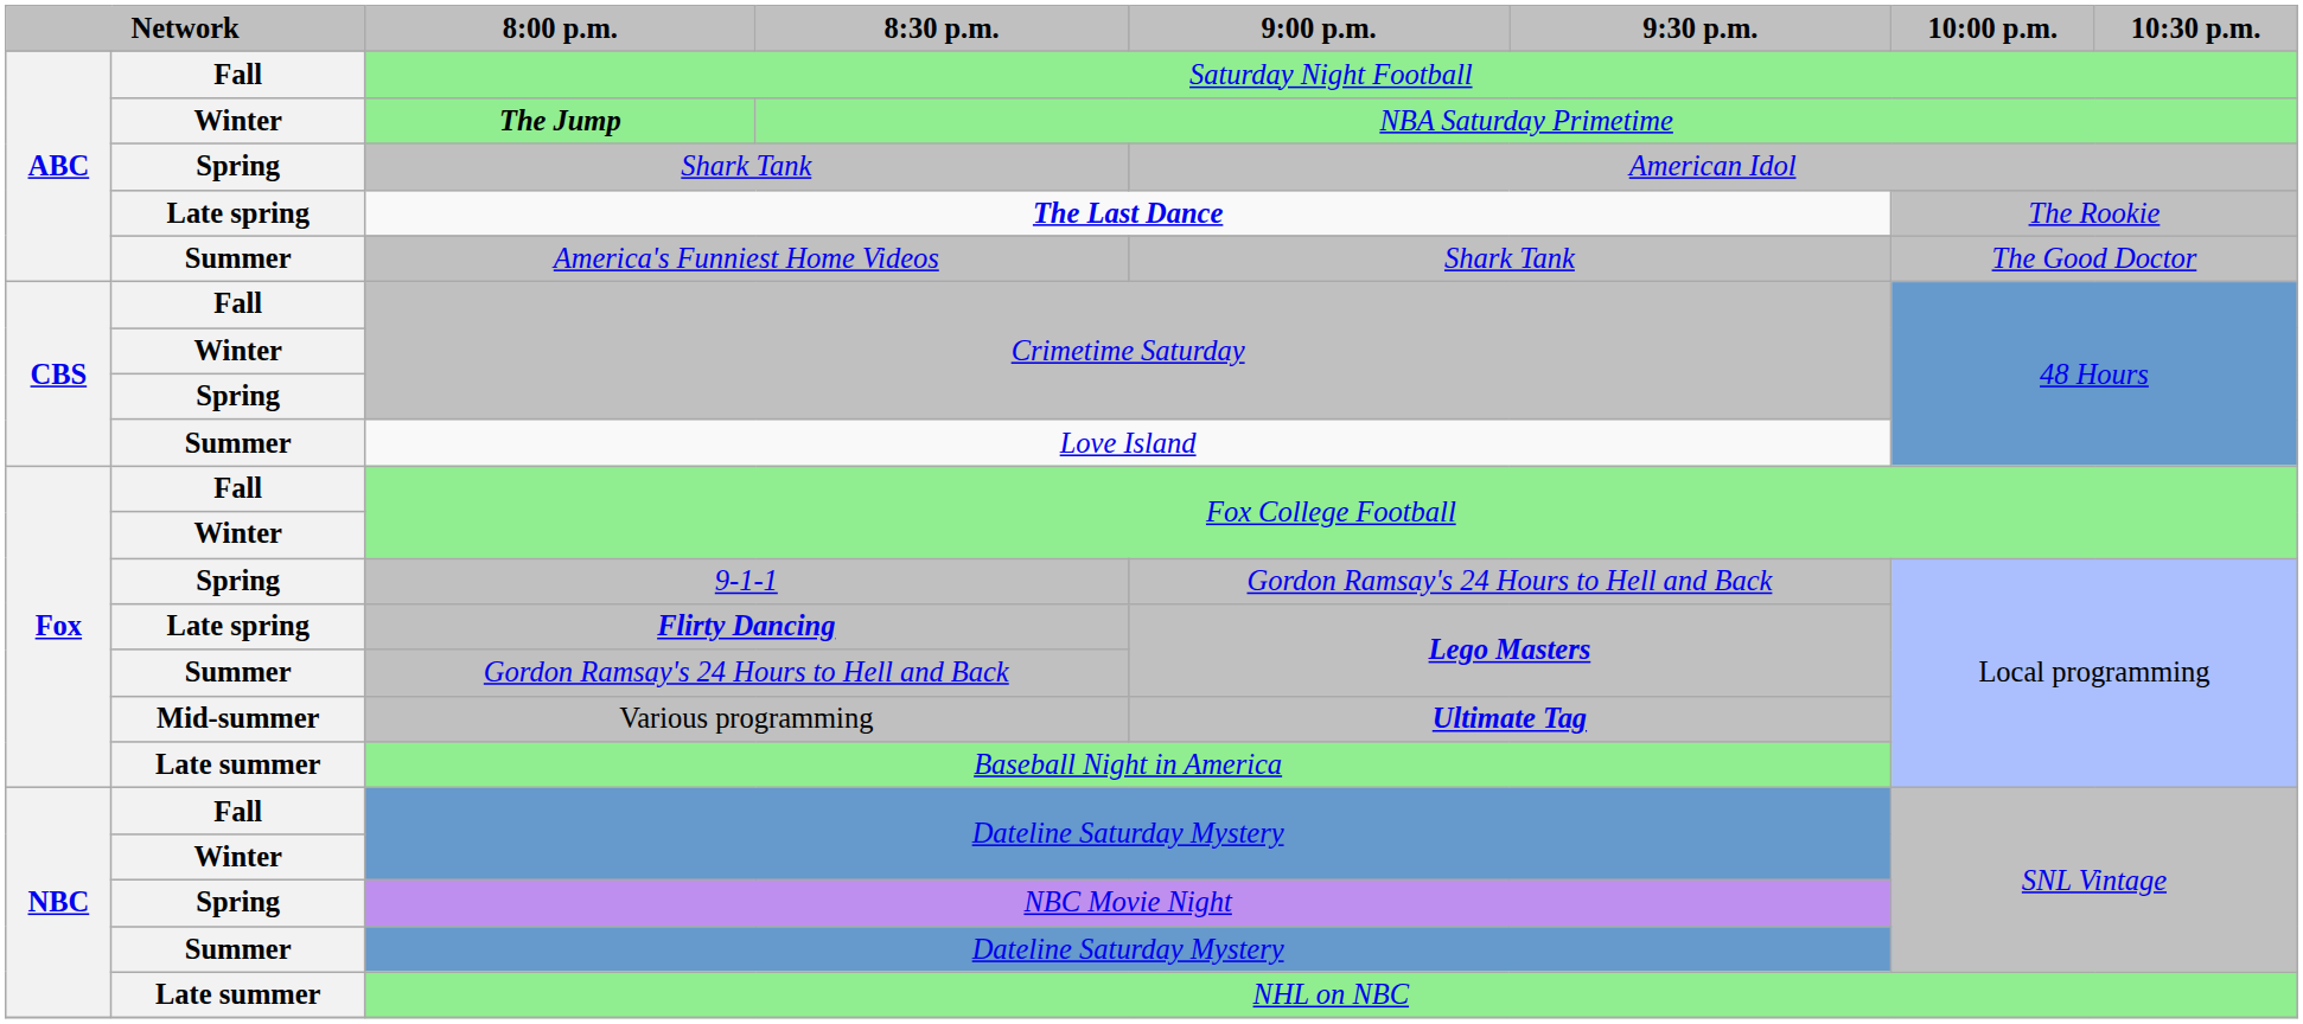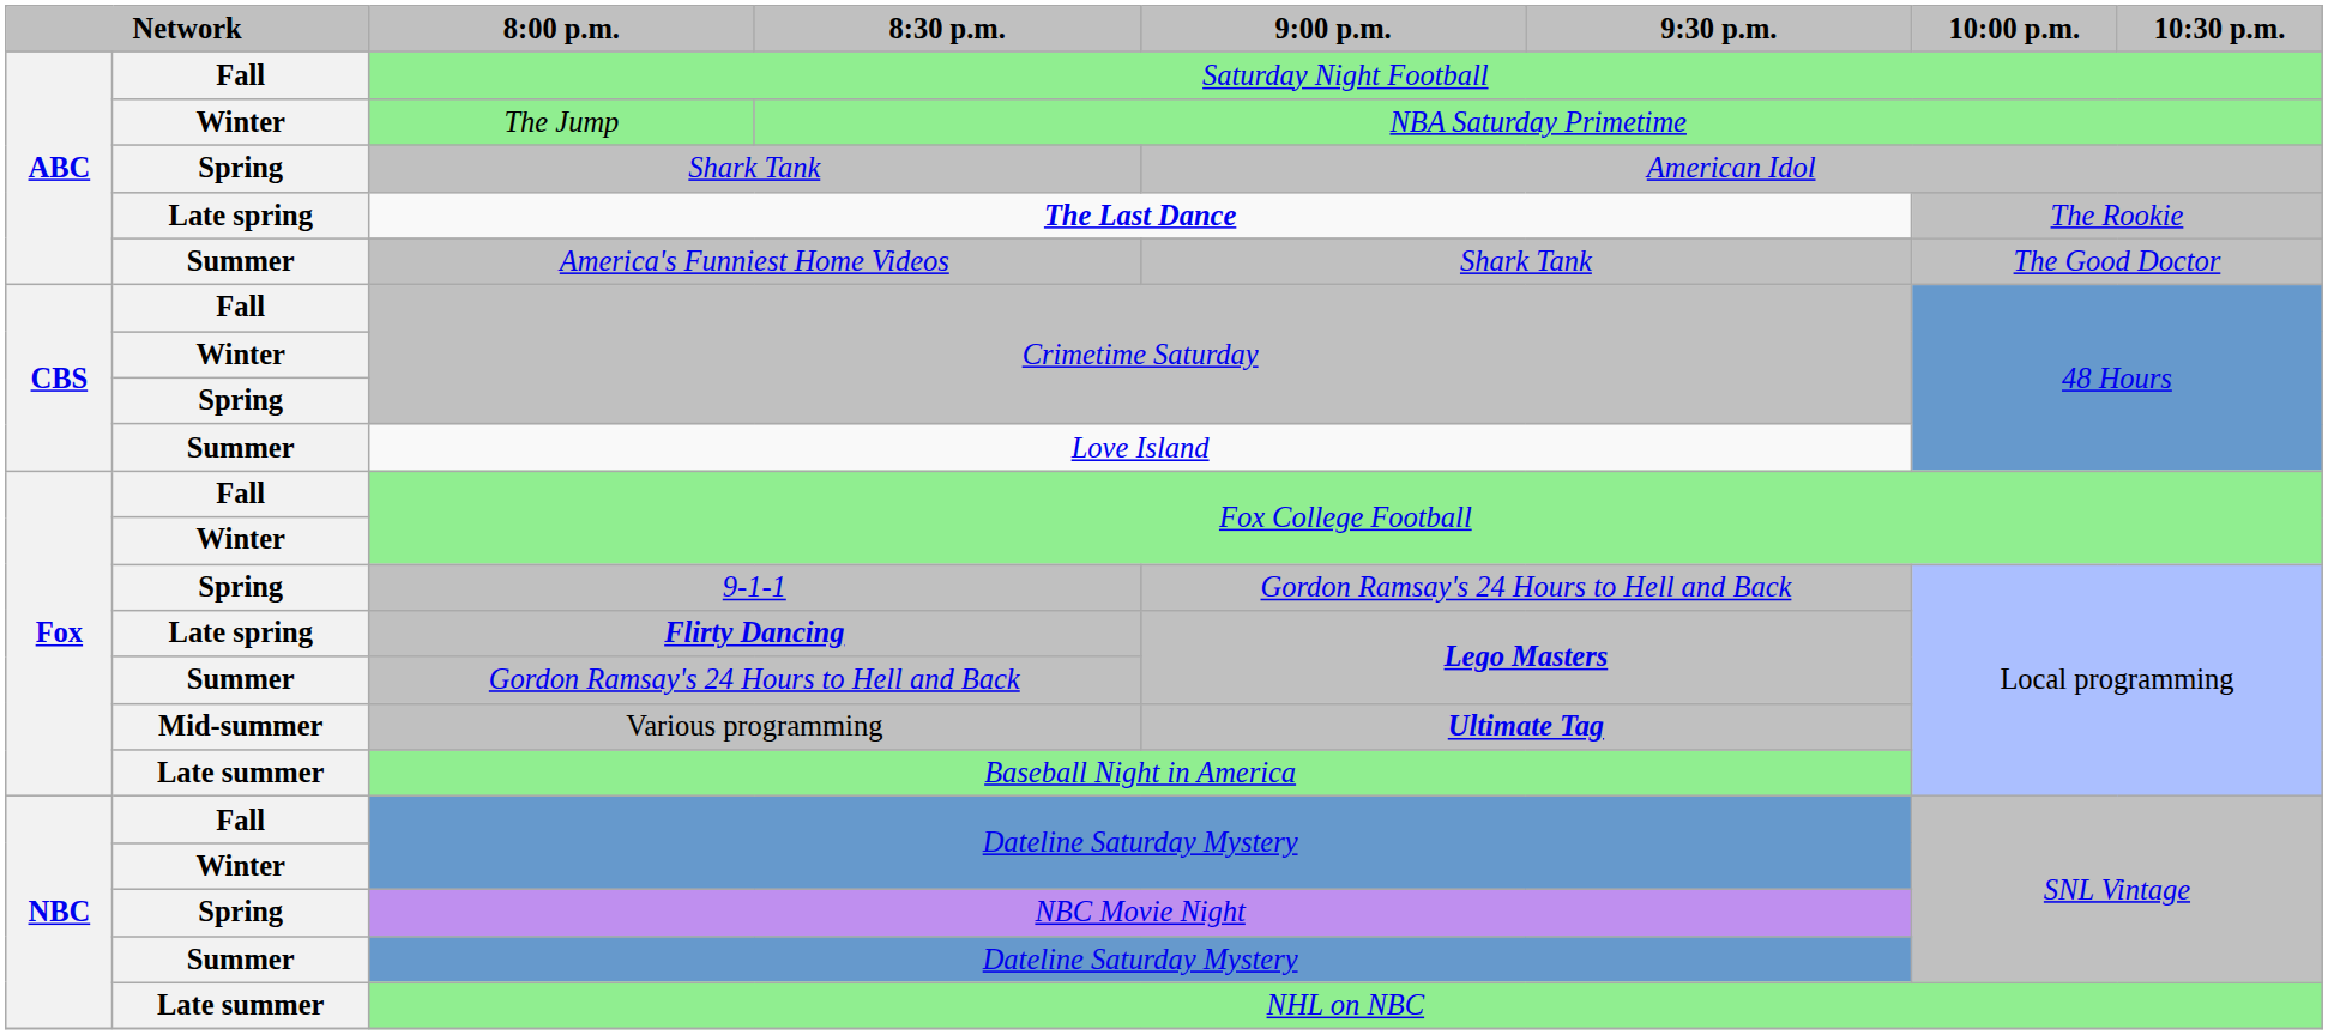 <table class="wikitable" style="width:100%;margin-right:0;text-align:center">
 <tr>
 <th colspan="2" style="background-color:#C0C0C0;text-align:center">Network</th>
 <th style="background-color:#C0C0C0;text-align:center">8:00 p.m.</th>
 <th style="background-color:#C0C0C0;text-align:center">8:30 p.m.</th>
 <th style="background-color:#C0C0C0;text-align:center">9:00 p.m.</th>
 <th style="background-color:#C0C0C0;text-align:center">9:30 p.m.</th>
 <th style="background-color:#C0C0C0;text-align:center">10:00 p.m.</th>
 <th style="background-color:#C0C0C0;text-align:center">10:30 p.m.</th>
 </tr>
 <tr>
 <th rowspan="5"><a href='#'>ABC</a></th>
 <th>Fall</th>
 <td colspan="6" style="background:lightgreen"><em><a href='#'>Saturday Night Football</a></em></td>
 </tr>
 <tr>
 <th>Winter</th>
-<td style="background:lightgreen"><strong><em>The Jump</em></strong></td>
+<td style="background:lightgreen"><em>The Jump</em></td>
 <td colspan="5" style="background:lightgreen"><em><a href='#'>NBA Saturday Primetime</a></em></td>
 </tr>
 <tr>
 <th>Spring</th>
 <td colspan="2" style="background:#C0C0C0;"><em><a href='#'>Shark Tank</a></em> </td>
 <td colspan="4" style="background:#C0C0C0;"><em><a href='#'>American Idol</a></em> </td>
 </tr>
 <tr>
 <th>Late spring</th>
 <td colspan="4"><strong><em><a href='#'>The Last Dance</a></em></strong></td>
 <td colspan="2" style="background:#C0C0C0;"><em><a href='#'>The Rookie</a></em> </td>
 </tr>
 <tr>
 <th>Summer</th>
 <td colspan="2" style="background:#C0C0C0;"><em><a href='#'>America's Funniest Home Videos</a></em> </td>
 <td colspan="2" style="background:#C0C0C0;"><em><a href='#'>Shark Tank</a></em> </td>
 <td colspan="2" style="background:#C0C0C0;"><em><a href='#'>The Good Doctor</a></em> </td>
 </tr>
 <tr>
 <th rowspan="4"><a href='#'>CBS</a></th>
 <th>Fall</th>
 <td rowspan="3" colspan="4" style="background:#C0C0C0;"><em><a href='#'>Crimetime Saturday</a></em></td>
 <td rowspan="4" colspan="2" style="background:#6699CC;"><em><a href='#'>48 Hours</a></em></td>
 </tr>
 <tr>
 <th>Winter</th>
 </tr>
 <tr>
 <th>Spring</th>
 </tr>
 <tr>
 <th>Summer</th>
 <td colspan="4"><em><a href='#'>Love Island</a></em></td>
 </tr>
 <tr>
 <th rowspan="7"><a href='#'>Fox</a></th>
 <th>Fall</th>
 <td rowspan="2" colspan="6" style="background:lightgreen;"><em><a href='#'>Fox College Football</a></em></td>
 </tr>
 <tr>
 <th>Winter</th>
 </tr>
 <tr>
 <th>Spring</th>
 <td colspan="2" style="background:#C0C0C0;"><em><a href='#'>9-1-1</a></em> </td>
 <td colspan="2" style="background:#C0C0C0;"><em><a href='#'>Gordon Ramsay's 24 Hours to Hell and Back</a></em> </td>
 <td rowspan="5" colspan="2" style="background:#abbfff;">Local programming</td>
 </tr>
 <tr>
 <th>Late spring</th>
 <td colspan="2" style="background:#C0C0C0;"><strong><em><a href='#'>Flirty Dancing</a></em></strong> </td>
 <td rowspan="2" colspan="2" style="background:#C0C0C0;"><strong><em><a href='#'>Lego Masters</a></em></strong> </td>
 </tr>
 <tr>
 <th>Summer</th>
 <td colspan="2" style="background:#C0C0C0;"><em><a href='#'>Gordon Ramsay's 24 Hours to Hell and Back</a></em> </td>
 </tr>
 <tr>
 <th>Mid-summer</th>
 <td colspan="2" style="background:#C0C0C0;">Various programming</td>
 <td colspan="2" style="background:#C0C0C0;"><strong><em><a href='#'>Ultimate Tag</a></em></strong> </td>
 </tr>
 <tr>
 <th>Late summer</th>
 <td colspan="4" style="background:lightgreen;"><em><a href='#'>Baseball Night in America</a></em> </td>
 </tr>
 <tr>
 <th rowspan="5"><a href='#'>NBC</a></th>
 <th>Fall</th>
 <td rowspan="2" colspan="4" style="background:#6699CC;"><em><a href='#'>Dateline Saturday Mystery</a></em></td>
 <td rowspan="4" colspan="2" style="background:#C0C0C0;"><em><a href='#'>SNL Vintage</a></em></td>
 </tr>
 <tr>
 <th>Winter</th>
 </tr>
 <tr>
 <th>Spring</th>
 <td colspan="4" style="background:#bf8fef;"><em><a href='#'>NBC Movie Night</a></em></td>
 </tr>
 <tr>
 <th>Summer</th>
 <td colspan="4" style="background:#6699CC;"><em><a href='#'>Dateline Saturday Mystery</a></em></td>
 </tr>
 <tr>
 <th>Late summer</th>
 <td colspan="6" style="background:lightgreen"><em><a href='#'>NHL on NBC</a></em></td>
 </tr>
 <tr>
 </tr>
 </table>
